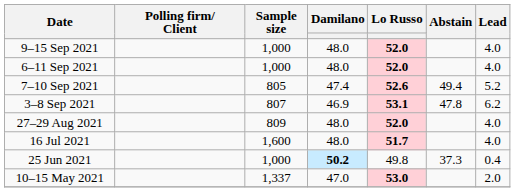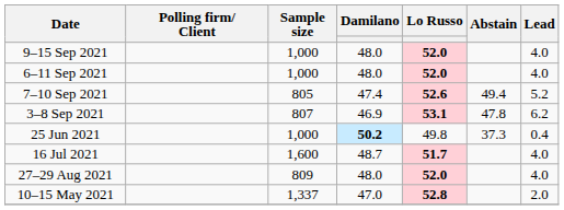 <table class=wikitable style="text-align:center;font-size:85%;line-height:13px">
 <tr style="height:30px; background-color:#E9E9E9">
 <th style="width:110px;" rowspan="2">Date</th>
 <th style="width:130px;" rowspan="2">Polling firm/<br>Client</th>
 <th style="width:60px;" rowspan="2">Sample size</th>
 <th style="width:55px;">Damilano</th>
 <th style="width:55px;">Lo Russo</th>
 <th style="width:30px;" rowspan="2">Abstain</th>
 <th style="width:30px;" rowspan="2">Lead</th>
 </tr>
 <tr>
 <th style="background:"></th>
 <th style="background:"></th>
 </tr>
 <tr>
 <td>9–15 Sep 2021</td>
 <td></td>
 <td>1,000</td>
 <td>48.0</td>
 <td style="background:#FFD0D7"><strong>52.0</strong></td>
 <td></td>
 <td style="background:">4.0</td>
 </tr>
 <tr>
 <td>6–11 Sep 2021</td>
 <td></td>
 <td>1,000</td>
 <td>48.0</td>
 <td style="background:#FFD0D7"><strong>52.0</strong></td>
 <td></td>
 <td style="background:">4.0</td>
 </tr>
 <tr>
 <td>7–10 Sep 2021</td>
 <td></td>
 <td>805</td>
 <td>47.4</td>
 <td style="background:#FFD0D7"><strong>52.6</strong></td>
 <td>49.4</td>
 <td style="background:">5.2</td>
 </tr>
 <tr>
 <td>3–8 Sep 2021</td>
 <td></td>
 <td>807</td>
 <td>46.9</td>
 <td style="background:#FFD0D7"><strong>53.1</strong></td>
 <td>47.8</td>
 <td style="background:">6.2</td>
 </tr>
 <tr>
+<td>25 Jun 2021</td>
+<td></td>
+<td>1,000</td>
+<td style="background:#C8EBFF"><strong>50.2</strong></td>
+<td>49.8</td>
+<td>37.3</td>
+<td style="background:">0.4</td>
+</tr>
+<tr>
+<td>16 Jul 2021</td>
+<td></td>
+<td>1,600</td>
+<td>48.7</td>
+<td style="background:#FFD0D7"><strong>51.7</strong></td>
+<td></td>
+<td style="background:">4.0</td>
+</tr>
+<tr>
 <td>27–29 Aug 2021</td>
 <td></td>
 <td>809</td>
 <td>48.0</td>
 <td style="background:#FFD0D7"><strong>52.0</strong></td>
 <td></td>
 <td style="background:">4.0</td>
 </tr>
 <tr>
-<td>16 Jul 2021</td>
-<td></td>
-<td>1,600</td>
-<td>48.0</td>
-<td style="background:#FFD0D7"><strong>51.7</strong></td>
-<td></td>
-<td style="background:">4.0</td>
-</tr>
-<tr>
-<td>25 Jun 2021</td>
-<td></td>
-<td>1,000</td>
-<td style="background:#C8EBFF"><strong>50.2</strong></td>
-<td>49.8</td>
-<td>37.3</td>
-<td style="background:">0.4</td>
-</tr>
-<tr>
 <td>10–15 May 2021</td>
 <td></td>
 <td>1,337</td>
 <td>47.0</td>
-<td style="background:#FFD0D7"><strong>53.0</strong></td>
+<td style="background:#FFD0D7"><strong>52.8</strong></td>
 <td></td>
 <td style="background:">2.0</td>
 </tr>
 <tr>
 </tr>
 </table>
